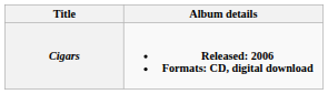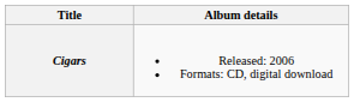 <table class="wikitable plainrowheaders" style="text-align:center">
 <tr>
 <th scope="col" style="width:10em;">Title</th>
 <th scope="col" style="width:17em;">Album details</th>
 </tr>
 <tr>
 <th scope="row"><em>Cigars</em></th>
-<td><strong><br><ul><li>Released: 2006</li><li>Formats: CD, digital download</li></ul></strong></td>
+<td><br><ul><li>Released: 2006</li><li>Formats: CD, digital download</li></ul></td>
 </tr>
 </table>
